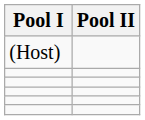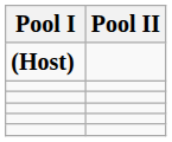 <table class="wikitable" style="white-space:nowrap">
 <tr>
 <th width=50%>Pool I</th>
 <th width=50%>Pool II</th>
 </tr>
 <tr>
-<td> (Host)</td>
+<td><strong> (Host)</strong></td>
 <td></td>
 </tr>
 <tr>
 <td></td>
 <td></td>
 </tr>
 <tr>
 <td></td>
 <td></td>
 </tr>
 <tr>
 <td></td>
 <td></td>
 </tr>
 <tr>
 <td></td>
 <td></td>
 </tr>
 <tr>
 <td></td>
 <td></td>
 </tr>
 </table>
